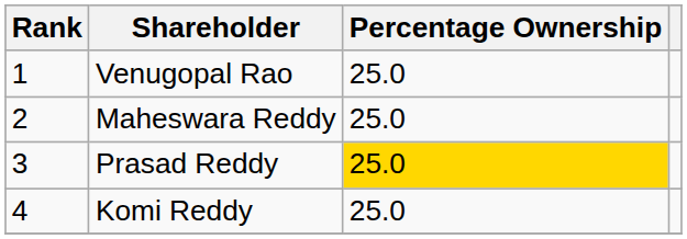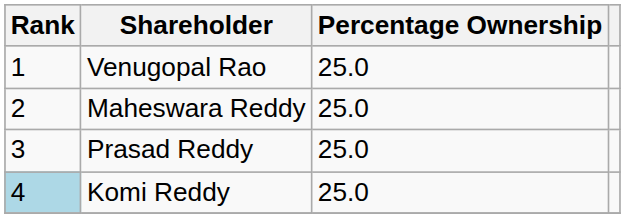 <table class="wikitable sortable" style="margin: 0.5em auto">
 <tr>
 <th>Rank</th>
 <th>Shareholder</th>
 <th>Percentage Ownership</th>
 <th></th>
 </tr>
 <tr>
 <td>1</td>
 <td>Venugopal Rao</td>
 <td>25.0</td>
 <td></td>
 </tr>
 <tr>
 <td>2</td>
 <td>Maheswara Reddy</td>
 <td>25.0</td>
 <td></td>
 </tr>
 <tr>
 <td>3</td>
 <td>Prasad Reddy</td>
-<td style="background: gold;">25.0</td>
+<td>25.0</td>
 <td></td>
 </tr>
 <tr>
-<td>4</td>
+<td style="background: lightblue;">4</td>
 <td>Komi Reddy</td>
 <td>25.0</td>
 <td></td>
 </tr>
 <tr>
 </tr>
 </table>
